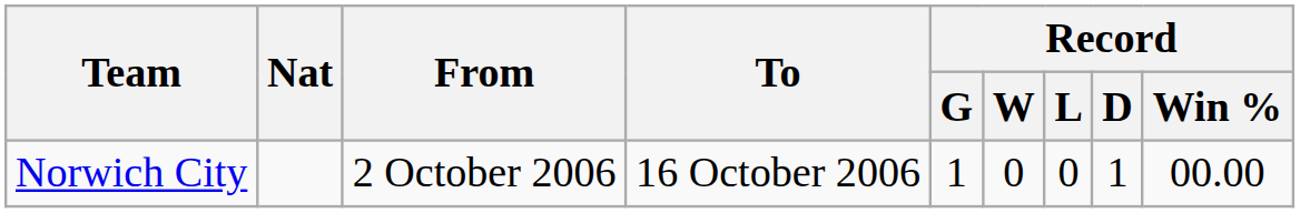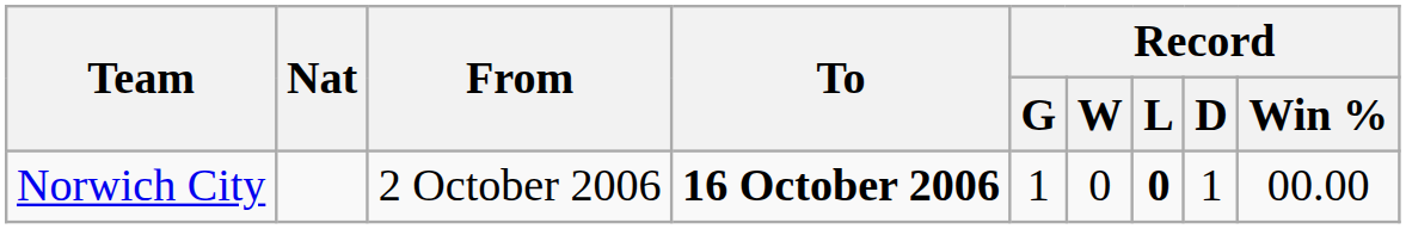 <table class="wikitable" style="text-align: center">
 <tr>
 <th rowspan="2">Team</th>
 <th rowspan="2">Nat</th>
 <th rowspan="2">From</th>
 <th rowspan="2">To</th>
 <th colspan="5">Record</th>
 </tr>
 <tr>
 <th>G</th>
 <th>W</th>
 <th>L</th>
 <th>D</th>
 <th>Win %</th>
 </tr>
 <tr>
 <td align=left><a href='#'>Norwich City</a></td>
 <td></td>
 <td align=left>2 October 2006</td>
-<td align=left>16 October 2006</td>
+<td align=left><strong>16 October 2006</strong></td>
 <td>1</td>
 <td>0</td>
-<td>0</td>
+<td><strong>0</strong></td>
 <td>1</td>
 <td>00.00</td>
 </tr>
 </table>
